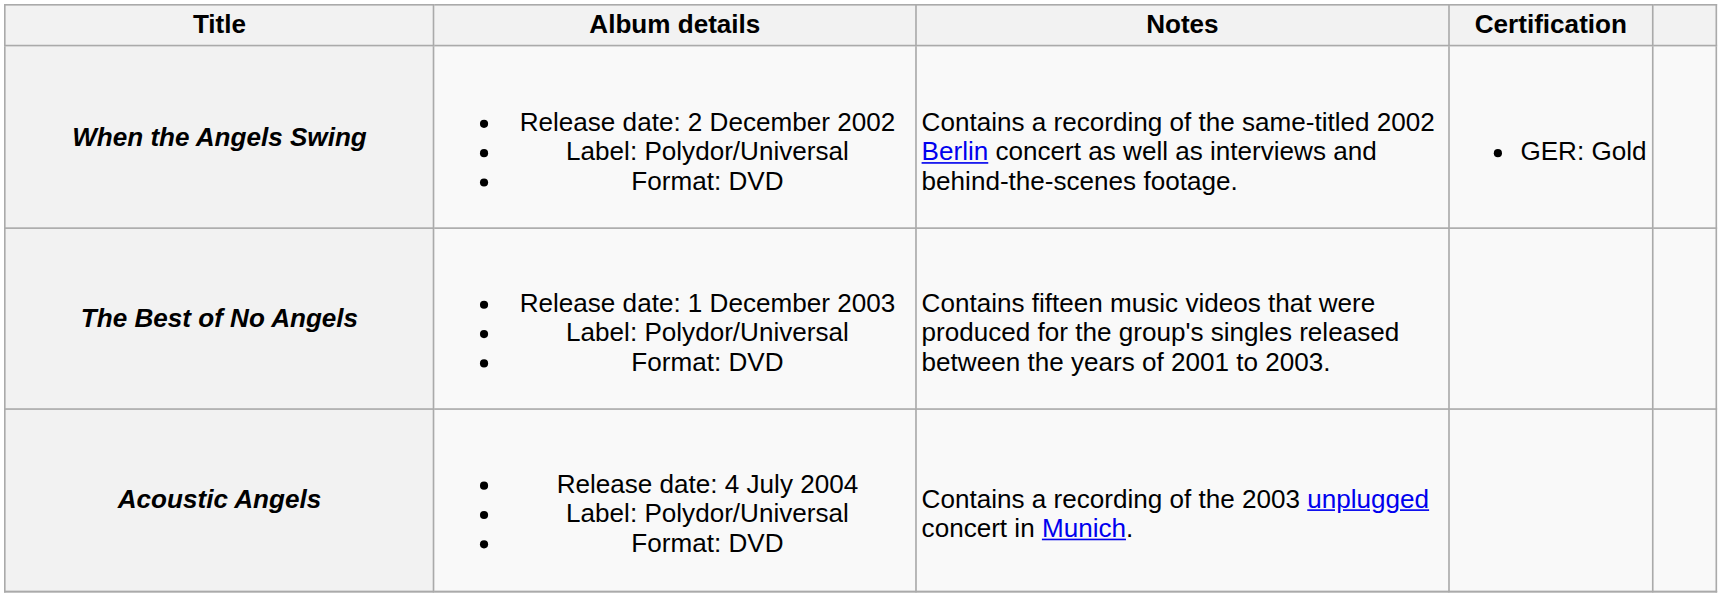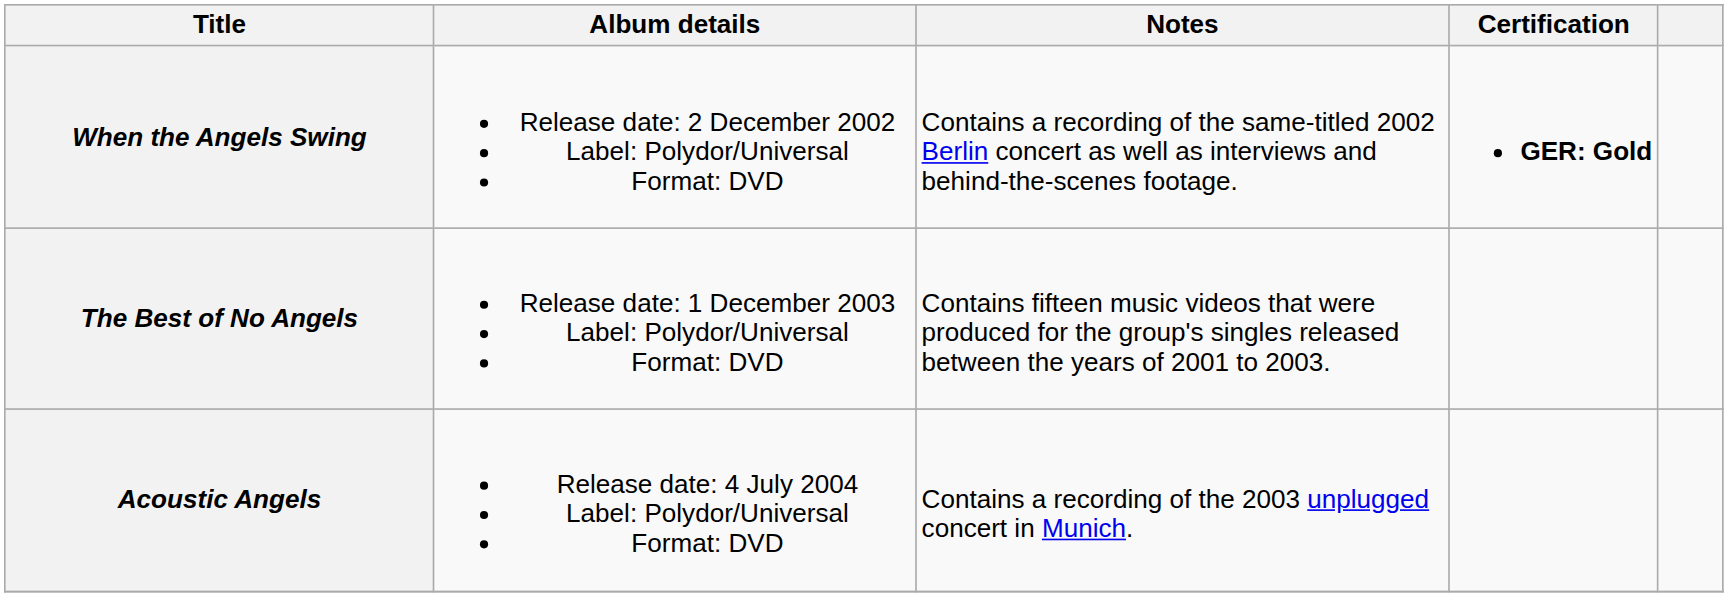 <table class="wikitable plainrowheaders" style="text-align:center;" border="1">
 <tr>
 <th scope="col" style="width:16em;">Title</th>
 <th scope="col" style="width:18em;">Album details</th>
 <th scope="col" style="width:20em;">Notes</th>
 <th scope="col">Certification</th>
 <th scope="col" style="width:2em;" class="unsortable"></th>
 </tr>
 <tr>
 <th scope="row"><em>When the Angels Swing</em></th>
 <td><br><ul><li>Release date: 2 December 2002</li><li>Label: Polydor/Universal</li><li>Format: DVD</li></ul></td>
 <td align=left><br>Contains a recording of the same-titled 2002 <a href='#'>Berlin</a> concert as well as interviews and behind-the-scenes footage.</td>
-<td align=left><br><ul><li>GER: Gold</li></ul></td>
+<td align=left><strong><br><ul><li>GER: Gold</li></ul></strong></td>
 <td></td>
 </tr>
 <tr>
 <th scope="row"><em>The Best of No Angels</em></th>
 <td><br><ul><li>Release date: 1 December 2003</li><li>Label: Polydor/Universal</li><li>Format: DVD</li></ul></td>
 <td align=left><br>Contains fifteen music videos that were produced for the group's singles released between the years of 2001 to 2003.</td>
 <td></td>
 <td></td>
 </tr>
 <tr>
 <th scope="row"><em>Acoustic Angels</em></th>
 <td><br><ul><li>Release date: 4 July 2004</li><li>Label: Polydor/Universal</li><li>Format: DVD</li></ul></td>
 <td align=left><br>Contains a recording of the 2003 <a href='#'>unplugged</a> concert in <a href='#'>Munich</a>.</td>
 <td></td>
 <td><br></td>
 </tr>
 <tr>
 </tr>
 </table>
